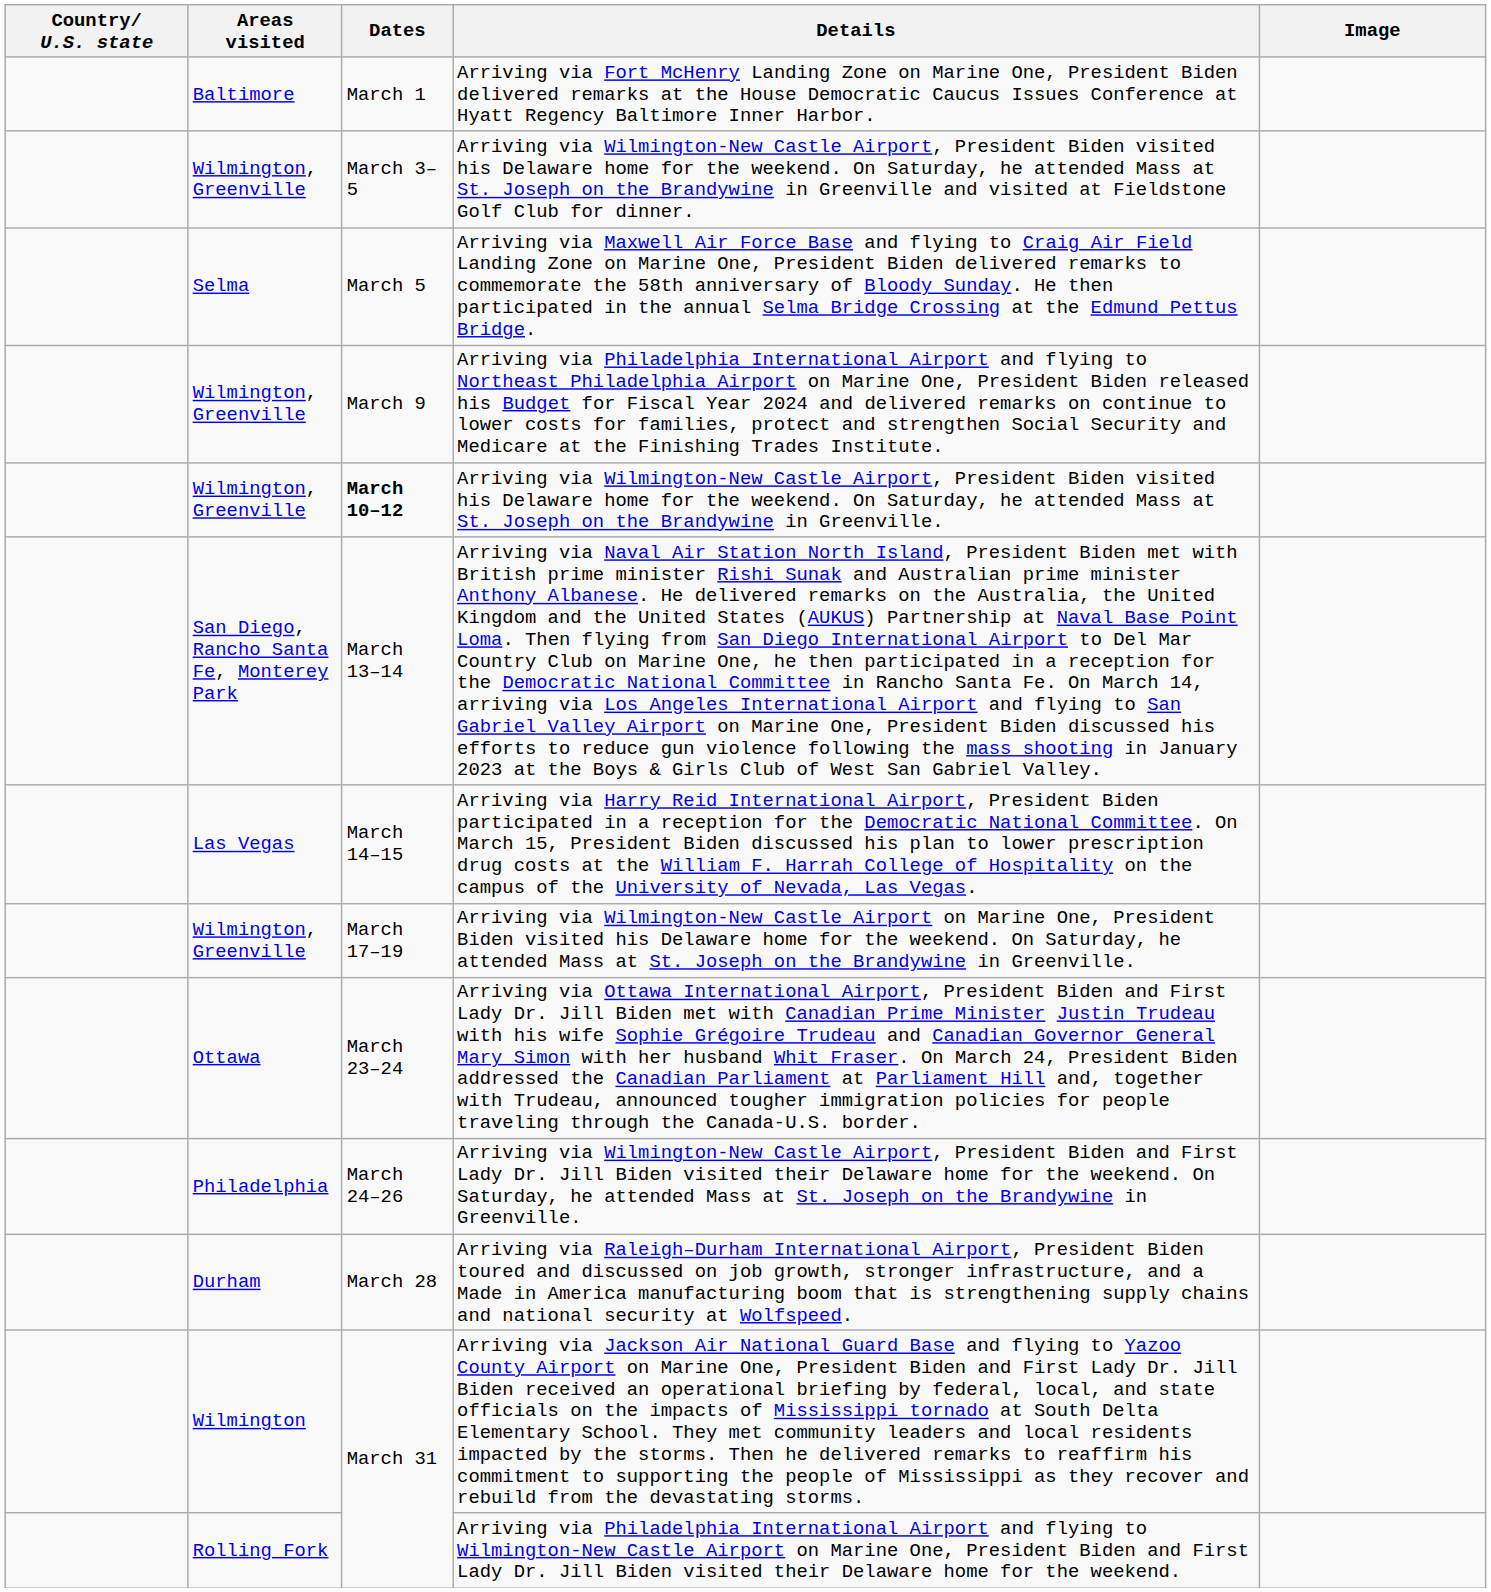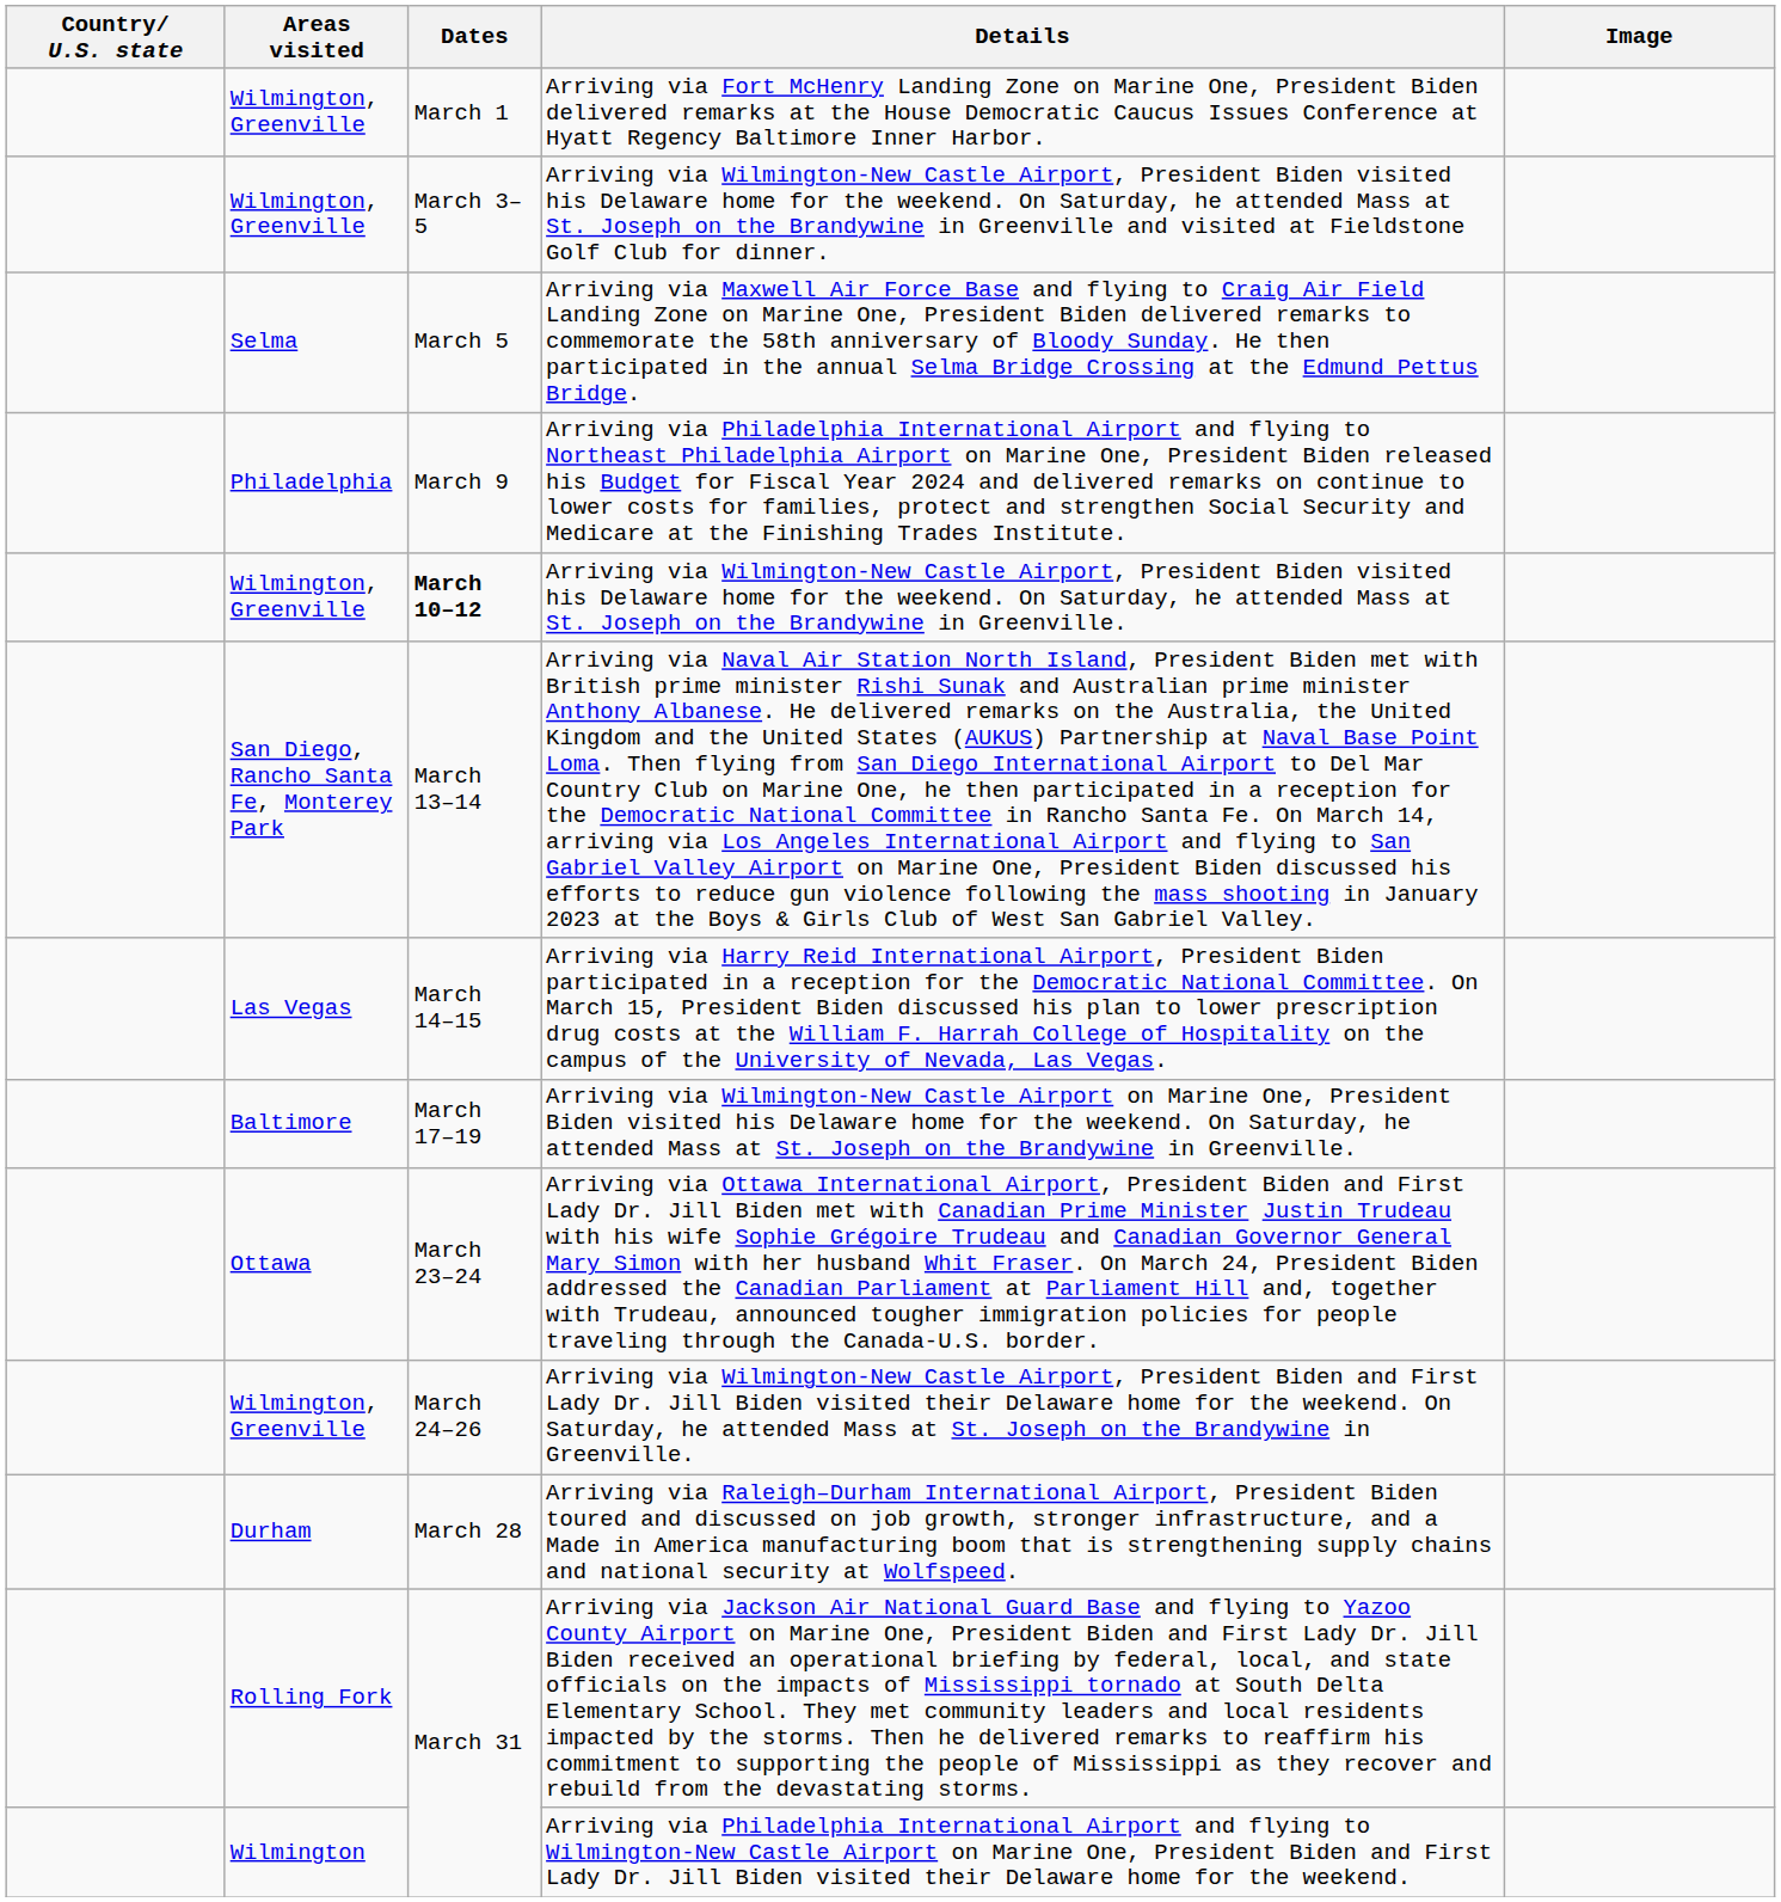 <table class="wikitable" style="margin: 1em auto 1em auto">
 <tr>
 <th width=120>Country/<br><em>U.S. state</em></th>
 <th width=100>Areas visited</th>
 <th width=70>Dates</th>
 <th width=550>Details</th>
 <th width=150>Image</th>
 </tr>
 <tr>
 <td></td>
-<td><a href='#'>Baltimore</a></td>
+<td><a href='#'>Wilmington</a>, <a href='#'>Greenville</a></td>
 <td>March 1</td>
 <td>Arriving via <a href='#'>Fort McHenry</a> Landing Zone on Marine One, President Biden delivered remarks at the House Democratic Caucus Issues Conference at Hyatt Regency Baltimore Inner Harbor.</td>
 <td><br></td>
 </tr>
 <tr>
 <td></td>
 <td><a href='#'>Wilmington</a>, <a href='#'>Greenville</a></td>
 <td>March 3–5</td>
 <td>Arriving via <a href='#'>Wilmington-New Castle Airport</a>, President Biden visited his Delaware home for the weekend. On Saturday, he attended Mass at <a href='#'>St. Joseph on the Brandywine</a> in Greenville and visited at Fieldstone Golf Club for dinner.</td>
 <td></td>
 </tr>
 <tr>
 <td></td>
 <td><a href='#'>Selma</a></td>
 <td>March 5</td>
 <td>Arriving via <a href='#'>Maxwell Air Force Base</a> and flying to <a href='#'>Craig Air Field</a> Landing Zone on Marine One, President Biden delivered remarks to commemorate the 58th anniversary of <a href='#'>Bloody Sunday</a>. He then participated in the annual <a href='#'>Selma Bridge Crossing</a> at the <a href='#'>Edmund Pettus Bridge</a>.</td>
 <td></td>
 </tr>
 <tr>
 <td></td>
-<td><a href='#'>Wilmington</a>, <a href='#'>Greenville</a></td>
+<td><a href='#'>Philadelphia</a></td>
 <td>March 9</td>
 <td>Arriving via <a href='#'>Philadelphia International Airport</a> and flying to <a href='#'>Northeast Philadelphia Airport</a> on Marine One, President Biden released his <a href='#'>Budget</a> for Fiscal Year 2024 and delivered remarks on continue to lower costs for families, protect and strengthen Social Security and Medicare at the Finishing Trades Institute.</td>
 <td></td>
 </tr>
 <tr>
 <td></td>
 <td><a href='#'>Wilmington</a>, <a href='#'>Greenville</a></td>
 <td><strong>March 10–12</strong></td>
 <td>Arriving via <a href='#'>Wilmington-New Castle Airport</a>, President Biden visited his Delaware home for the weekend. On Saturday, he attended Mass at <a href='#'>St. Joseph on the Brandywine</a> in Greenville.</td>
 <td></td>
 </tr>
 <tr>
 <td></td>
 <td><a href='#'>San Diego</a>, <a href='#'>Rancho Santa Fe</a>, <a href='#'>Monterey Park</a></td>
 <td>March 13–14</td>
 <td>Arriving via <a href='#'>Naval Air Station North Island</a>, President Biden met with British prime minister <a href='#'>Rishi Sunak</a> and Australian prime minister <a href='#'>Anthony Albanese</a>. He delivered remarks on the Australia, the United Kingdom and the United States (<a href='#'>AUKUS</a>) Partnership at <a href='#'>Naval Base Point Loma</a>. Then flying from <a href='#'>San Diego International Airport</a> to Del Mar Country Club on Marine One, he then participated in a reception for the <a href='#'>Democratic National Committee</a> in Rancho Santa Fe. On March 14, arriving via <a href='#'>Los Angeles International Airport</a> and flying to <a href='#'>San Gabriel Valley Airport</a> on Marine One, President Biden discussed his efforts to reduce gun violence following the <a href='#'>mass shooting</a> in January 2023 at the Boys & Girls Club of West San Gabriel Valley.</td>
 <td></td>
 </tr>
 <tr>
 <td></td>
 <td><a href='#'>Las Vegas</a></td>
 <td>March 14–15</td>
 <td>Arriving via <a href='#'>Harry Reid International Airport</a>, President Biden participated in a reception for the <a href='#'>Democratic National Committee</a>. On March 15, President Biden discussed his plan to lower prescription drug costs at the <a href='#'>William F. Harrah College of Hospitality</a> on the campus of the <a href='#'>University of Nevada, Las Vegas</a>.</td>
 <td></td>
 </tr>
 <tr>
 <td></td>
-<td><a href='#'>Wilmington</a>, <a href='#'>Greenville</a></td>
+<td><a href='#'>Baltimore</a></td>
 <td>March 17–19</td>
 <td>Arriving via <a href='#'>Wilmington-New Castle Airport</a> on Marine One, President Biden visited his Delaware home for the weekend. On Saturday, he attended Mass at <a href='#'>St. Joseph on the Brandywine</a> in Greenville.</td>
 <td></td>
 </tr>
 <tr>
 <td></td>
 <td><a href='#'>Ottawa</a></td>
 <td>March 23–24</td>
 <td>Arriving via <a href='#'>Ottawa International Airport</a>, President Biden and First Lady Dr. Jill Biden met with <a href='#'>Canadian Prime Minister</a> <a href='#'>Justin Trudeau</a> with his wife <a href='#'>Sophie Grégoire Trudeau</a> and <a href='#'>Canadian Governor General</a> <a href='#'>Mary Simon</a> with her husband <a href='#'>Whit Fraser</a>. On March 24, President Biden addressed the <a href='#'>Canadian Parliament</a> at <a href='#'>Parliament Hill</a> and, together with Trudeau, announced tougher immigration policies for people traveling through the Canada-U.S. border.</td>
 <td></td>
 </tr>
 <tr>
 <td></td>
-<td><a href='#'>Philadelphia</a></td>
+<td><a href='#'>Wilmington</a>, <a href='#'>Greenville</a></td>
 <td>March 24–26</td>
 <td>Arriving via <a href='#'>Wilmington-New Castle Airport</a>, President Biden and First Lady Dr. Jill Biden visited their Delaware home for the weekend. On Saturday, he attended Mass at <a href='#'>St. Joseph on the Brandywine</a> in Greenville.</td>
 <td></td>
 </tr>
 <tr>
 <td></td>
 <td><a href='#'>Durham</a></td>
 <td>March 28</td>
 <td>Arriving via <a href='#'>Raleigh–Durham International Airport</a>, President Biden toured and discussed on job growth, stronger infrastructure, and a Made in America manufacturing boom that is strengthening supply chains and national security at <a href='#'>Wolfspeed</a>.</td>
 <td></td>
 </tr>
 <tr>
 <td></td>
-<td><a href='#'>Wilmington</a></td>
+<td><a href='#'>Rolling Fork</a></td>
 <td rowspan="2">March 31</td>
 <td>Arriving via <a href='#'>Jackson Air National Guard Base</a> and flying to <a href='#'>Yazoo County Airport</a> on Marine One, President Biden and First Lady Dr. Jill Biden received an operational briefing by federal, local, and state officials on the impacts of <a href='#'>Mississippi tornado</a> at South Delta Elementary School. They met community leaders and local residents impacted by the storms. Then he delivered remarks to reaffirm his commitment to supporting the people of Mississippi as they recover and rebuild from the devastating storms.</td>
 <td></td>
 </tr>
 <tr>
 <td></td>
-<td><a href='#'>Rolling Fork</a></td>
+<td><a href='#'>Wilmington</a></td>
 <td>Arriving via <a href='#'>Philadelphia International Airport</a> and flying to <a href='#'>Wilmington-New Castle Airport</a> on Marine One, President Biden and First Lady Dr. Jill Biden visited their Delaware home for the weekend.</td>
 <td></td>
 </tr>
 </table>
